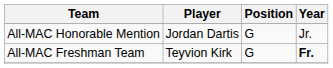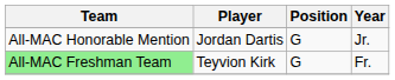 <table class="wikitable" border="1">
 <tr align=center>
 <th style= >Team</th>
 <th style= >Player</th>
 <th style= >Position</th>
 <th style= >Year</th>
 </tr>
 <tr align="center">
 </tr>
 <tr>
 <td>All-MAC Honorable Mention</td>
 <td>Jordan Dartis</td>
 <td>G</td>
 <td>Jr.</td>
 </tr>
 <tr>
-<td>All-MAC Freshman Team</td>
+<td style="background: lightgreen;">All-MAC Freshman Team</td>
 <td>Teyvion Kirk</td>
 <td>G</td>
-<td><strong>Fr.</strong></td>
+<td>Fr.</td>
 </tr>
 <tr>
 </tr>
 </table>
